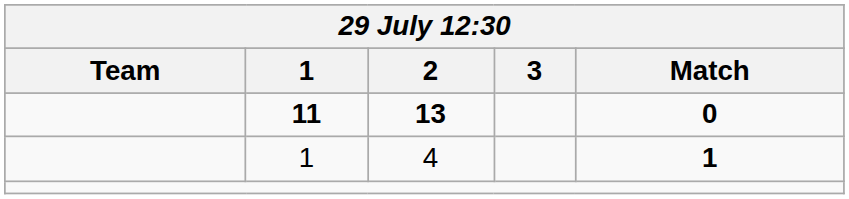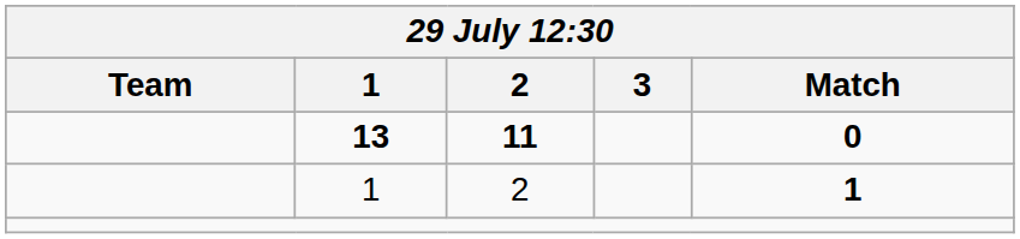 <table class=wikitable style="text-align:center; width: 55%">
 <tr>
 <th colspan=10><em>29 July 12:30</em></th>
 </tr>
 <tr>
 <th>Team</th>
 <th>1</th>
 <th>2</th>
 <th>3</th>
 <th>Match</th>
 </tr>
 <tr>
 <td align=left><strong><br></strong></td>
+<td><strong>13</strong></td>
 <td><strong>11</strong></td>
-<td><strong>13</strong></td>
 <td></td>
 <td><strong>0</strong></td>
 </tr>
 <tr>
 <td align=left><br></td>
 <td>1</td>
-<td>4</td>
+<td>2</td>
 <td></td>
 <td><strong>1</strong></td>
 </tr>
 <tr>
 <td colspan=10></td>
 </tr>
 </table>
